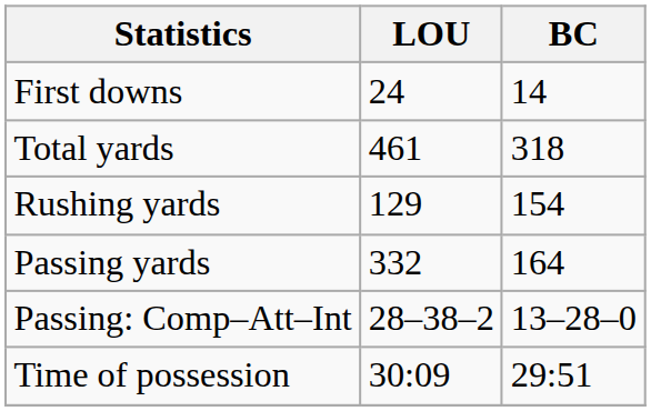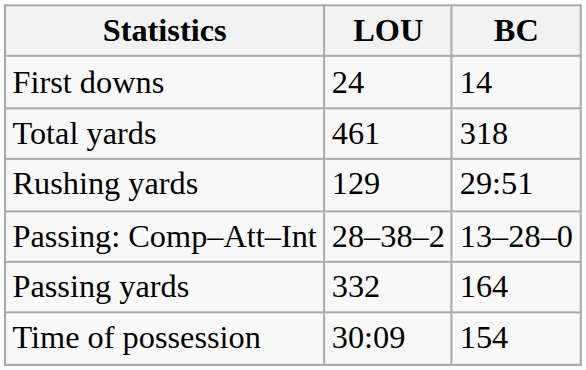 <table class="wikitable" style="float: left;">
 <tr>
 <th>Statistics</th>
 <th>LOU</th>
 <th>BC</th>
 </tr>
 <tr>
 <td>First downs</td>
 <td>24</td>
 <td>14</td>
 </tr>
 <tr>
 <td>Total yards</td>
 <td>461</td>
 <td>318</td>
 </tr>
 <tr>
 <td>Rushing yards</td>
 <td>129</td>
-<td>154</td>
+<td>29:51</td>
+</tr>
+<tr>
+<td>Passing: Comp–Att–Int</td>
+<td>28–38–2</td>
+<td>13–28–0</td>
 </tr>
 <tr>
 <td>Passing yards</td>
 <td>332</td>
 <td>164</td>
 </tr>
 <tr>
-<td>Passing: Comp–Att–Int</td>
-<td>28–38–2</td>
-<td>13–28–0</td>
-</tr>
-<tr>
 <td>Time of possession</td>
 <td>30:09</td>
-<td>29:51</td>
+<td>154</td>
 </tr>
 <tr>
 </tr>
 </table>
